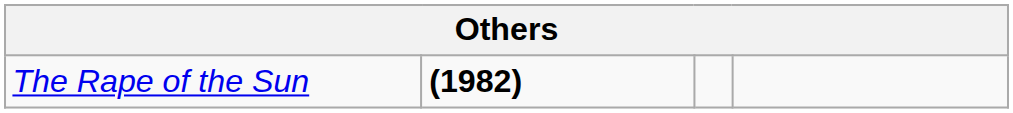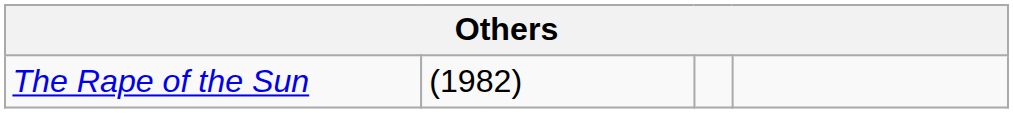 <table class=wikitable border="1" width="500 px">
 <tr>
 <th colspan="4">Others</th>
 </tr>
 <tr>
 <td style width="200 px"><em><a href='#'>The Rape of the Sun</a></em></td>
-<td><strong>(1982)</strong></td>
+<td>(1982)</td>
 <td></td>
 <td style width="130 px"></td>
 </tr>
 </table>
